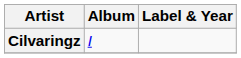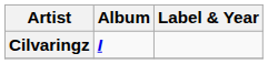 <table class="wikitable sortable plainrowheaders">
 <tr style="background:#ccc; text-align:center;">
 <th scope="col">Artist</th>
 <th scope="col">Album</th>
 <th scope="col">Label & Year</th>
 </tr>
 <tr>
 <th scope=row>Cilvaringz</th>
-<td><em><a href='#'>I</a></em></td>
+<td><strong><em><a href='#'>I</a></em></strong></td>
 <td></td>
 </tr>
 <tr>
 </tr>
 </table>
